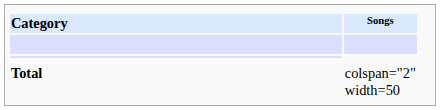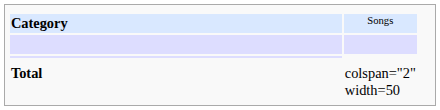 <table class="infobox" style="width: 30em; text-align: left; font-size: 90%; vertical-align: middle;">
 <tr>
 <td colspan="2" style="text-align:center;"></td>
 <td></td>
 </tr>
 <tr style="background:#d9e8ff;">
 <th style="vertical-align: middle;">Category</th>
-<td style="background;text-align:center; font-size:8pt; width:60px;"><strong>Songs</strong></td>
+<td style="background;text-align:center; font-size:8pt; width:60px;">Songs</td>
 </tr>
 <tr style="background:#ddf;text-align:center;">
 <td style="text-align:center;"><br></td>
 <td></td>
 </tr>
 <tr style="background:#ddf;text-align:center;">
 <td style="text-align:center;"></td>
 </tr>
 <tr>
 <td colspan="2" style="text-align:center;"></td>
 </tr>
 <tr>
 <td><strong>Total</strong></td>
 <td>colspan="2" width=50 </td>
 </tr>
 </table>
